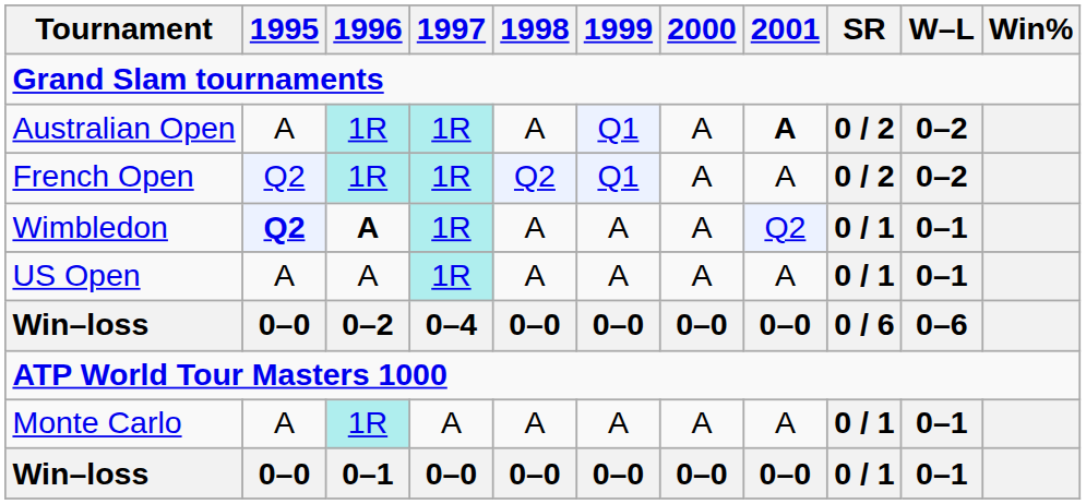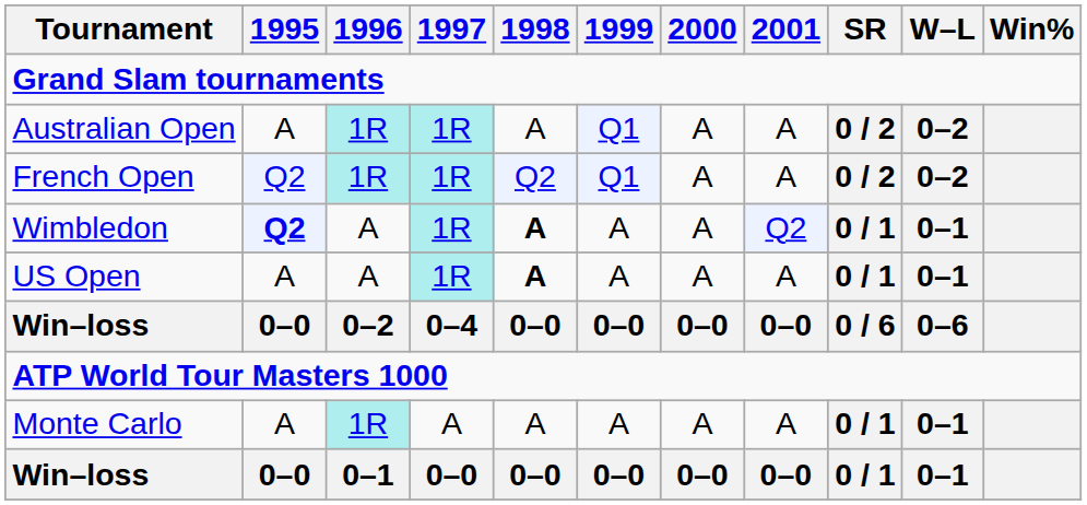 <table class=wikitable style=text-align:center>
 <tr>
 <th>Tournament</th>
 <th><a href='#'>1995</a></th>
 <th><a href='#'>1996</a></th>
 <th><a href='#'>1997</a></th>
 <th><a href='#'>1998</a></th>
 <th><a href='#'>1999</a></th>
 <th><a href='#'>2000</a></th>
 <th><a href='#'>2001</a></th>
 <th>SR</th>
 <th>W–L</th>
 <th>Win%</th>
 </tr>
 <tr>
 <td colspan=25 style=text-align:left><a href='#'><strong>Grand Slam tournaments</strong></a></td>
 </tr>
 <tr>
 <td align=left><a href='#'>Australian Open</a></td>
 <td>A</td>
 <td bgcolor=afeeee><a href='#'>1R</a></td>
 <td bgcolor=afeeee><a href='#'>1R</a></td>
 <td>A</td>
 <td bgcolor=ecf2ff><a href='#'>Q1</a></td>
 <td>A</td>
-<td><strong>A</strong></td>
+<td>A</td>
 <th>0 / 2</th>
 <th>0–2</th>
 <th></th>
 </tr>
 <tr>
 <td align=left><a href='#'>French Open</a></td>
 <td bgcolor=ecf2ff><a href='#'>Q2</a></td>
 <td bgcolor=afeeee><a href='#'>1R</a></td>
 <td bgcolor=afeeee><a href='#'>1R</a></td>
 <td bgcolor=ecf2ff><a href='#'>Q2</a></td>
 <td bgcolor=ecf2ff><a href='#'>Q1</a></td>
 <td>A</td>
 <td>A</td>
 <th>0 / 2</th>
 <th>0–2</th>
 <th></th>
 </tr>
 <tr>
 <td align=left><a href='#'>Wimbledon</a></td>
 <td bgcolor=ecf2ff><strong><a href='#'>Q2</a></strong></td>
+<td>A</td>
+<td bgcolor=afeeee><a href='#'>1R</a></td>
 <td><strong>A</strong></td>
-<td bgcolor=afeeee><a href='#'>1R</a></td>
-<td>A</td>
 <td>A</td>
 <td>A</td>
 <td bgcolor=ecf2ff><a href='#'>Q2</a></td>
 <th>0 / 1</th>
 <th>0–1</th>
 <th></th>
 </tr>
 <tr>
 <td align=left><a href='#'>US Open</a></td>
 <td>A</td>
 <td>A</td>
 <td bgcolor=afeeee><a href='#'>1R</a></td>
-<td>A</td>
+<td><strong>A</strong></td>
 <td>A</td>
 <td>A</td>
 <td>A</td>
 <th>0 / 1</th>
 <th>0–1</th>
 <th></th>
 </tr>
 <tr>
 <th style=text-align:left>Win–loss</th>
 <th>0–0</th>
 <th>0–2</th>
 <th>0–4</th>
 <th>0–0</th>
 <th>0–0</th>
 <th>0–0</th>
 <th>0–0</th>
 <th>0 / 6</th>
 <th>0–6</th>
 <th></th>
 </tr>
 <tr>
 <td colspan=15 align=left><strong><a href='#'>ATP World Tour Masters 1000</a></strong></td>
 </tr>
 <tr>
 <td align=left><a href='#'>Monte Carlo</a></td>
 <td>A</td>
 <td bgcolor=afeeee><a href='#'>1R</a></td>
 <td>A</td>
 <td>A</td>
 <td>A</td>
 <td>A</td>
 <td>A</td>
 <th>0 / 1</th>
 <th>0–1</th>
 <th></th>
 </tr>
 <tr>
 <th style=text-align:left>Win–loss</th>
 <th>0–0</th>
 <th>0–1</th>
 <th>0–0</th>
 <th>0–0</th>
 <th>0–0</th>
 <th>0–0</th>
 <th>0–0</th>
 <th>0 / 1</th>
 <th>0–1</th>
 <th></th>
 </tr>
 </table>
